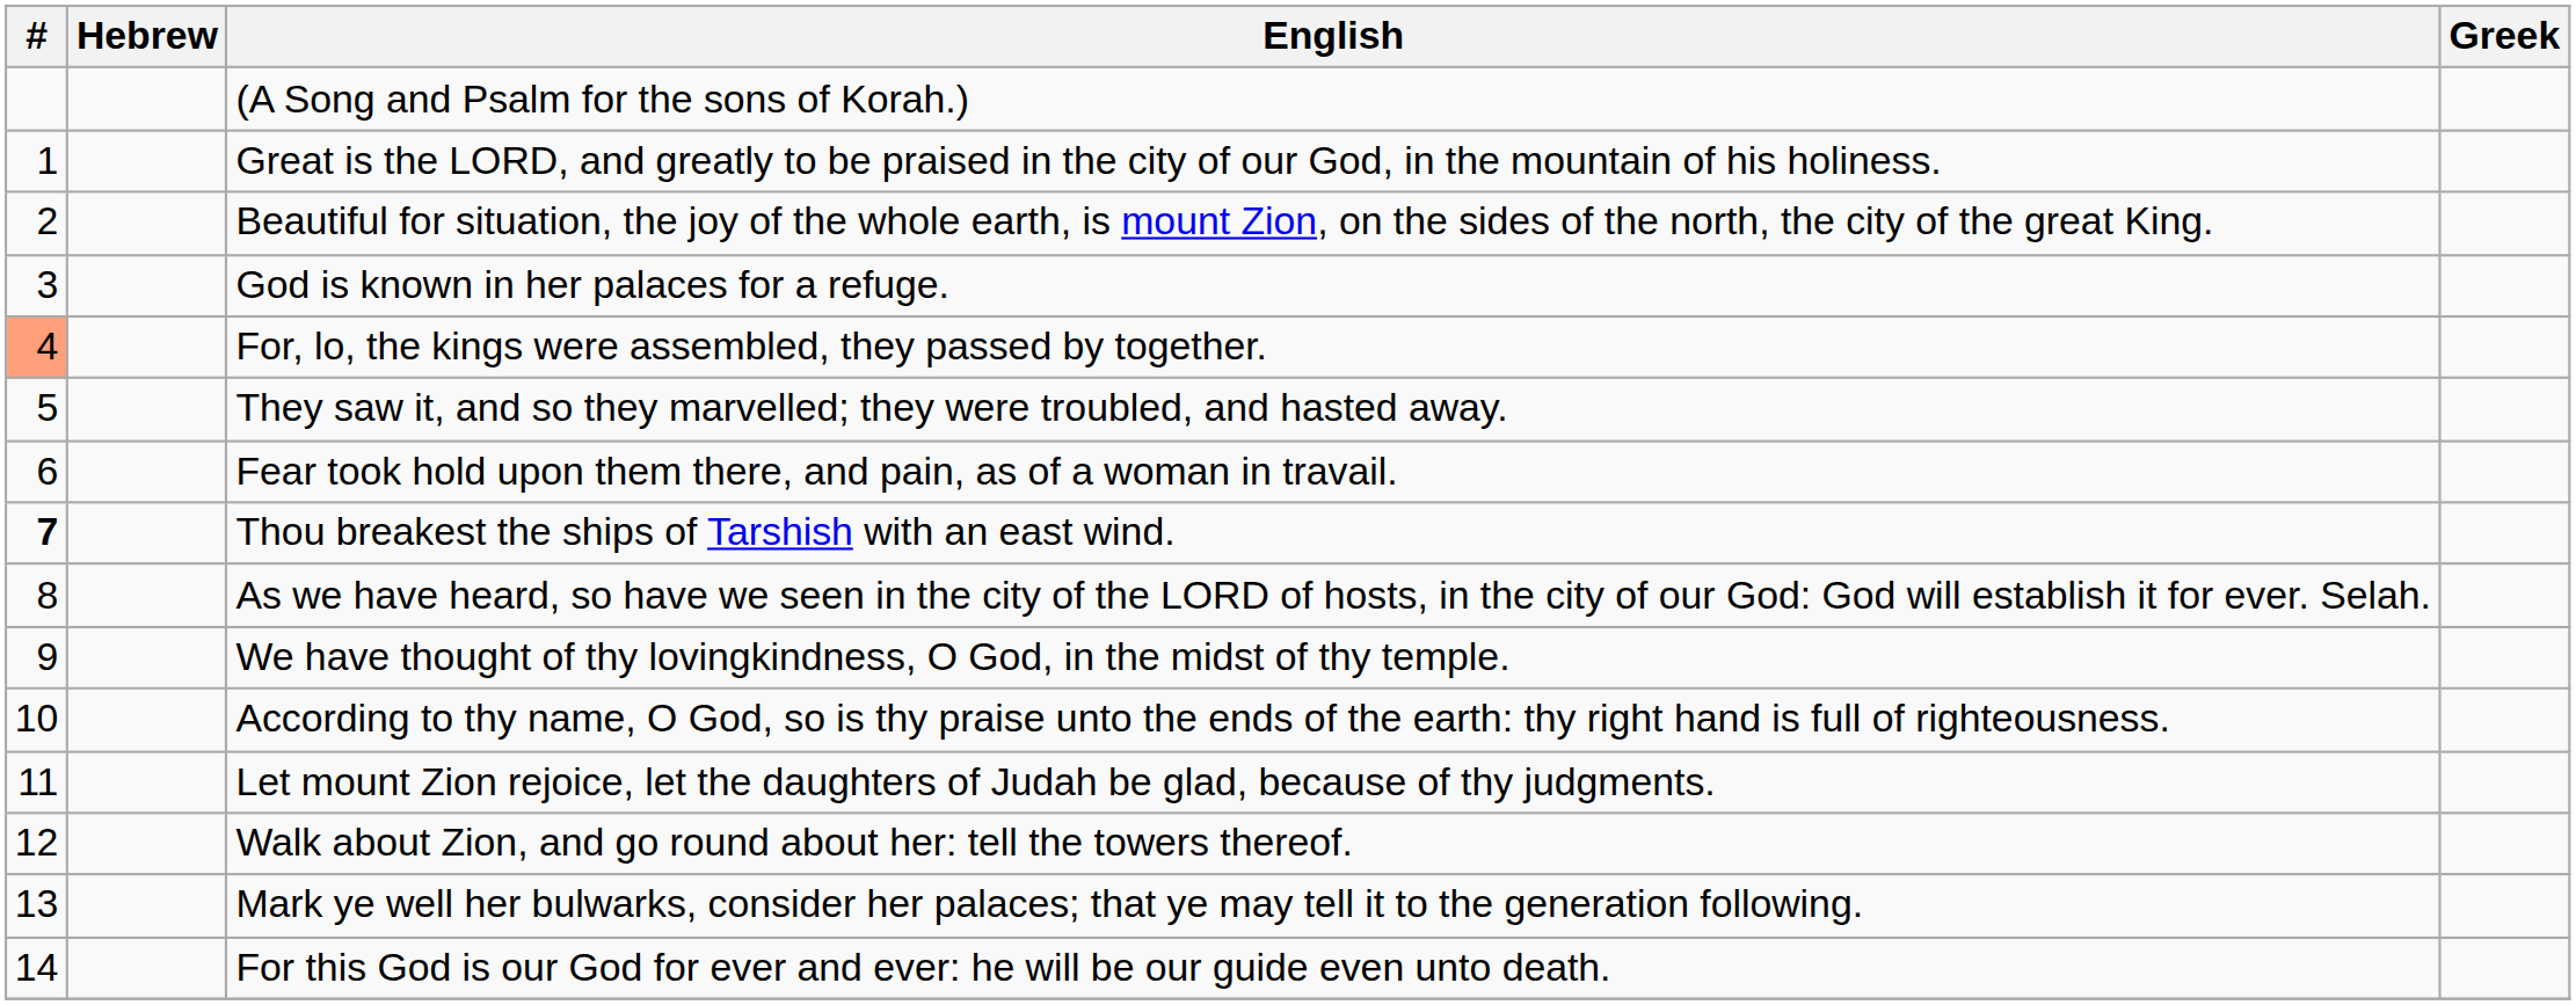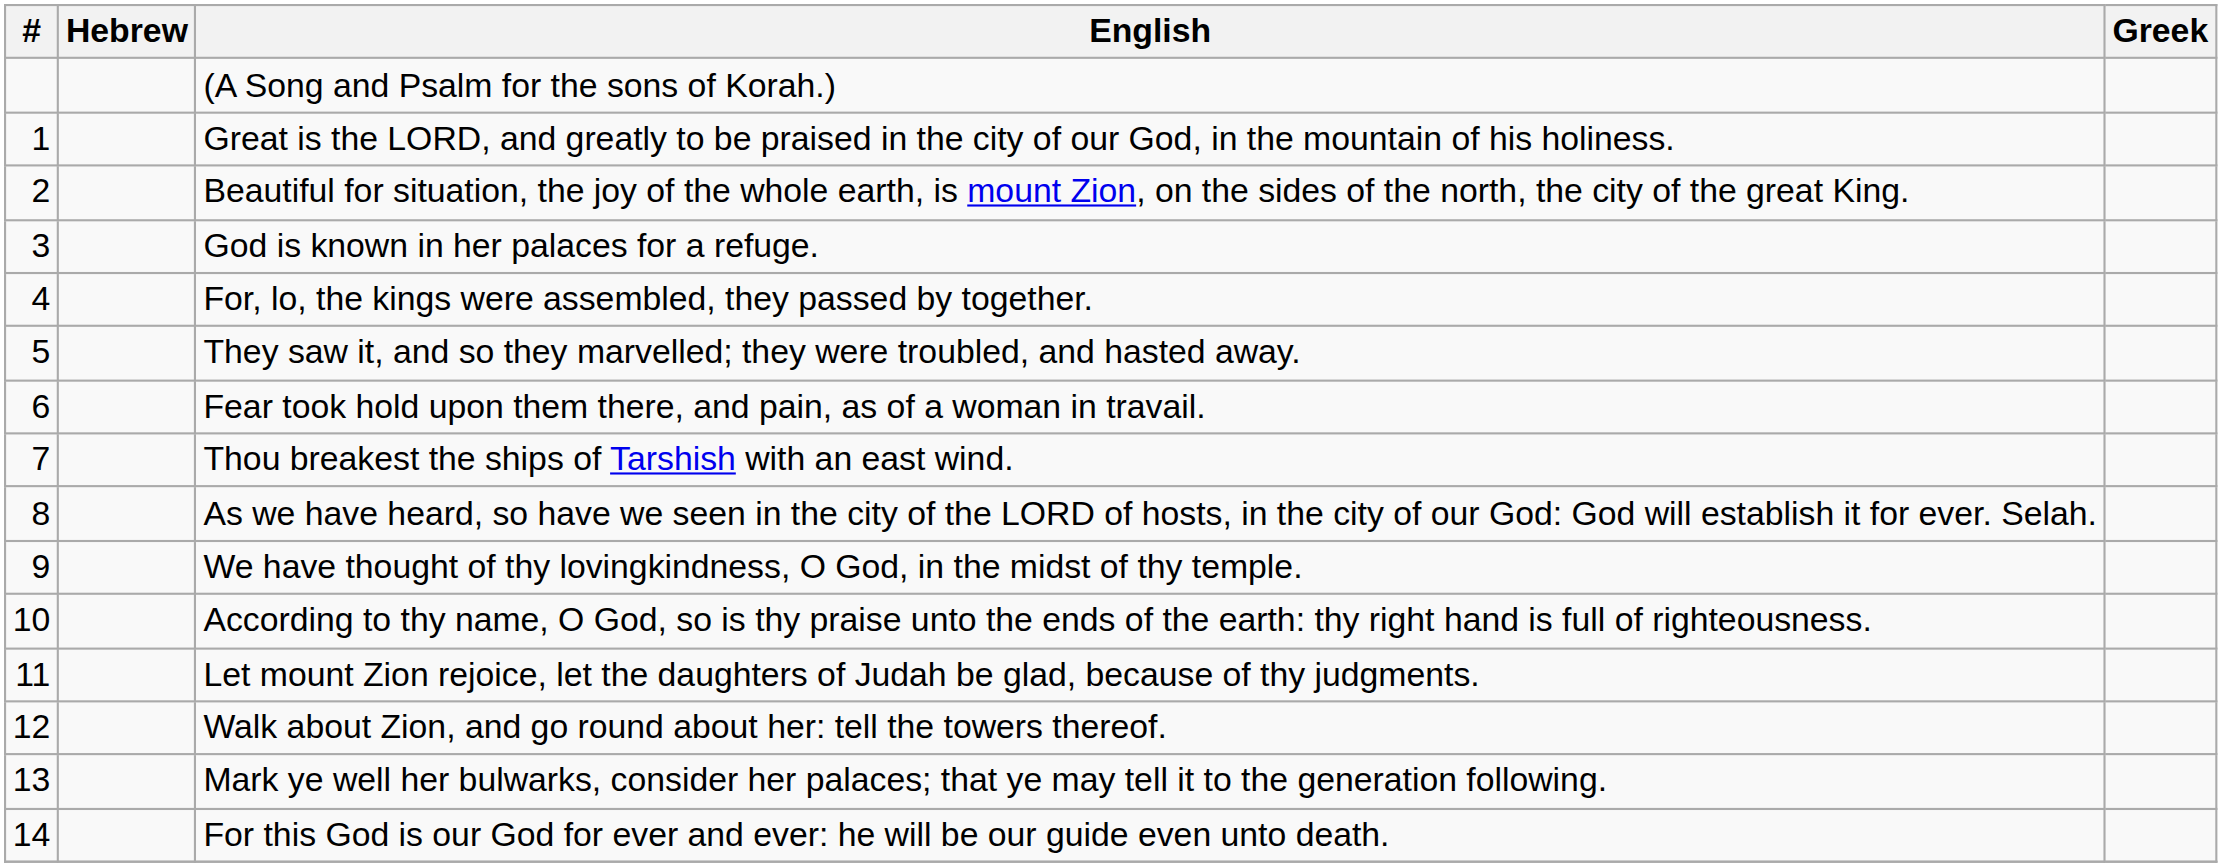 <table class=wikitable>
 <tr>
 <th>#</th>
 <th>Hebrew</th>
 <th>English</th>
 <th>Greek</th>
 </tr>
 <tr>
 <td style="text-align:right"></td>
 <td style="text-align:right"></td>
 <td>(A Song and Psalm for the sons of Korah.)</td>
 <td></td>
 </tr>
 <tr>
 <td style="text-align:right">1</td>
 <td style="text-align:right"></td>
 <td>Great is the LORD, and greatly to be praised in the city of our God, in the mountain of his holiness.</td>
 <td></td>
 </tr>
 <tr>
 <td style="text-align:right">2</td>
 <td style="text-align:right"></td>
 <td>Beautiful for situation, the joy of the whole earth, is <a href='#'>mount Zion</a>, on the sides of the north, the city of the great King.</td>
 <td></td>
 </tr>
 <tr>
 <td style="text-align:right">3</td>
 <td style="text-align:right"></td>
 <td>God is known in her palaces for a refuge.</td>
 <td></td>
 </tr>
 <tr>
-<td style="background: lightsalmon; text-align:right">4</td>
+<td style="text-align:right">4</td>
 <td style="text-align:right"></td>
 <td>For, lo, the kings were assembled, they passed by together.</td>
 <td></td>
 </tr>
 <tr>
 <td style="text-align:right">5</td>
 <td style="text-align:right"></td>
 <td>They saw it, and so they marvelled; they were troubled, and hasted away.</td>
 <td></td>
 </tr>
 <tr>
 <td style="text-align:right">6</td>
 <td style="text-align:right"></td>
 <td>Fear took hold upon them there, and pain, as of a woman in travail.</td>
 <td></td>
 </tr>
 <tr>
-<td style="text-align:right"><strong>7</strong></td>
+<td style="text-align:right">7</td>
 <td style="text-align:right"></td>
 <td>Thou breakest the ships of <a href='#'>Tarshish</a> with an east wind.</td>
 <td></td>
 </tr>
 <tr>
 <td style="text-align:right">8</td>
 <td style="text-align:right"></td>
 <td>As we have heard, so have we seen in the city of the LORD of hosts, in the city of our God: God will establish it for ever. Selah.</td>
 <td></td>
 </tr>
 <tr>
 <td style="text-align:right">9</td>
 <td style="text-align:right"></td>
 <td>We have thought of thy lovingkindness, O God, in the midst of thy temple.</td>
 <td></td>
 </tr>
 <tr>
 <td style="text-align:right">10</td>
 <td style="text-align:right"></td>
 <td>According to thy name, O God, so is thy praise unto the ends of the earth: thy right hand is full of righteousness.</td>
 <td></td>
 </tr>
 <tr>
 <td style="text-align:right">11</td>
 <td style="text-align:right"></td>
 <td>Let mount Zion rejoice, let the daughters of Judah be glad, because of thy judgments.</td>
 <td></td>
 </tr>
 <tr>
 <td style="text-align:right">12</td>
 <td style="text-align:right"></td>
 <td>Walk about Zion, and go round about her: tell the towers thereof.</td>
 <td></td>
 </tr>
 <tr>
 <td style="text-align:right">13</td>
 <td style="text-align:right"></td>
 <td>Mark ye well her bulwarks, consider her palaces; that ye may tell it to the generation following.</td>
 <td></td>
 </tr>
 <tr>
 <td style="text-align:right">14</td>
 <td style="text-align:right"></td>
 <td>For this God is our God for ever and ever: he will be our guide even unto death.</td>
 <td></td>
 </tr>
 <tr>
 </tr>
 </table>
